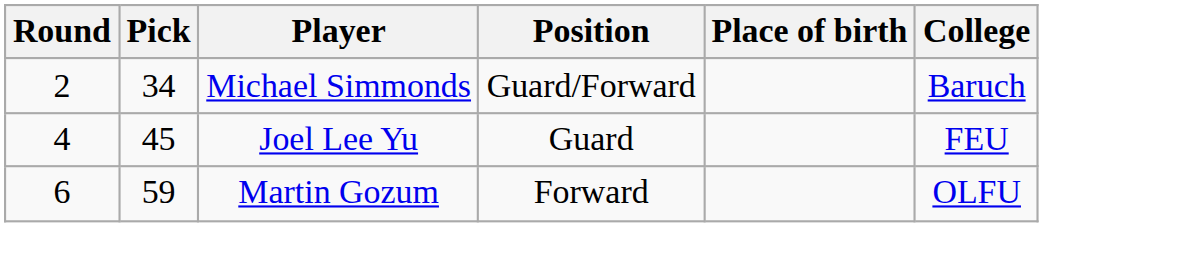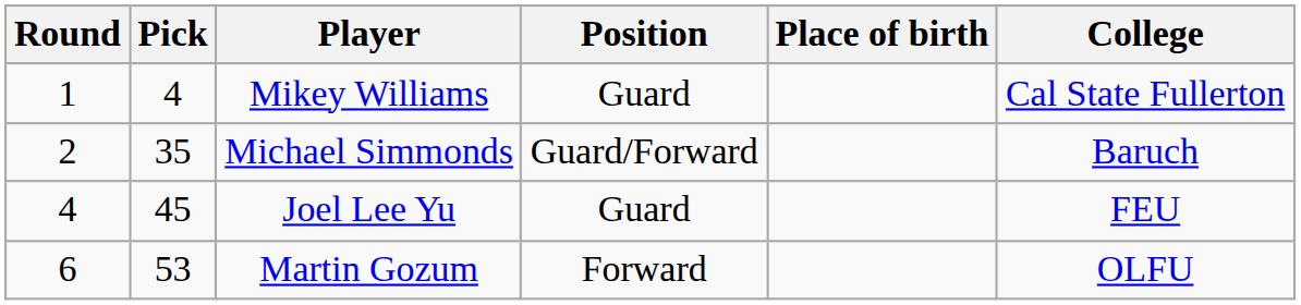 <table class="wikitable sortable sortable" style="text-align:center">
 <tr>
 <th>Round</th>
 <th>Pick</th>
 <th>Player</th>
 <th>Position</th>
 <th>Place of birth</th>
 <th>College</th>
 </tr>
 <tr>
+<td>1</td>
+<td>4</td>
+<td><a href='#'>Mikey Williams</a></td>
+<td>Guard</td>
+<td></td>
+<td><a href='#'>Cal State Fullerton</a></td>
+</tr>
+<tr>
 <td>2</td>
-<td>34</td>
+<td>35</td>
 <td><a href='#'>Michael Simmonds</a></td>
 <td>Guard/Forward</td>
 <td></td>
 <td><a href='#'>Baruch</a></td>
 </tr>
 <tr>
 <td>4</td>
 <td>45</td>
 <td><a href='#'>Joel Lee Yu</a></td>
 <td>Guard</td>
 <td></td>
 <td><a href='#'>FEU</a></td>
 </tr>
 <tr>
 <td>6</td>
-<td>59</td>
+<td>53</td>
 <td><a href='#'>Martin Gozum</a></td>
 <td>Forward</td>
 <td></td>
 <td><a href='#'>OLFU</a></td>
 </tr>
 </table>
